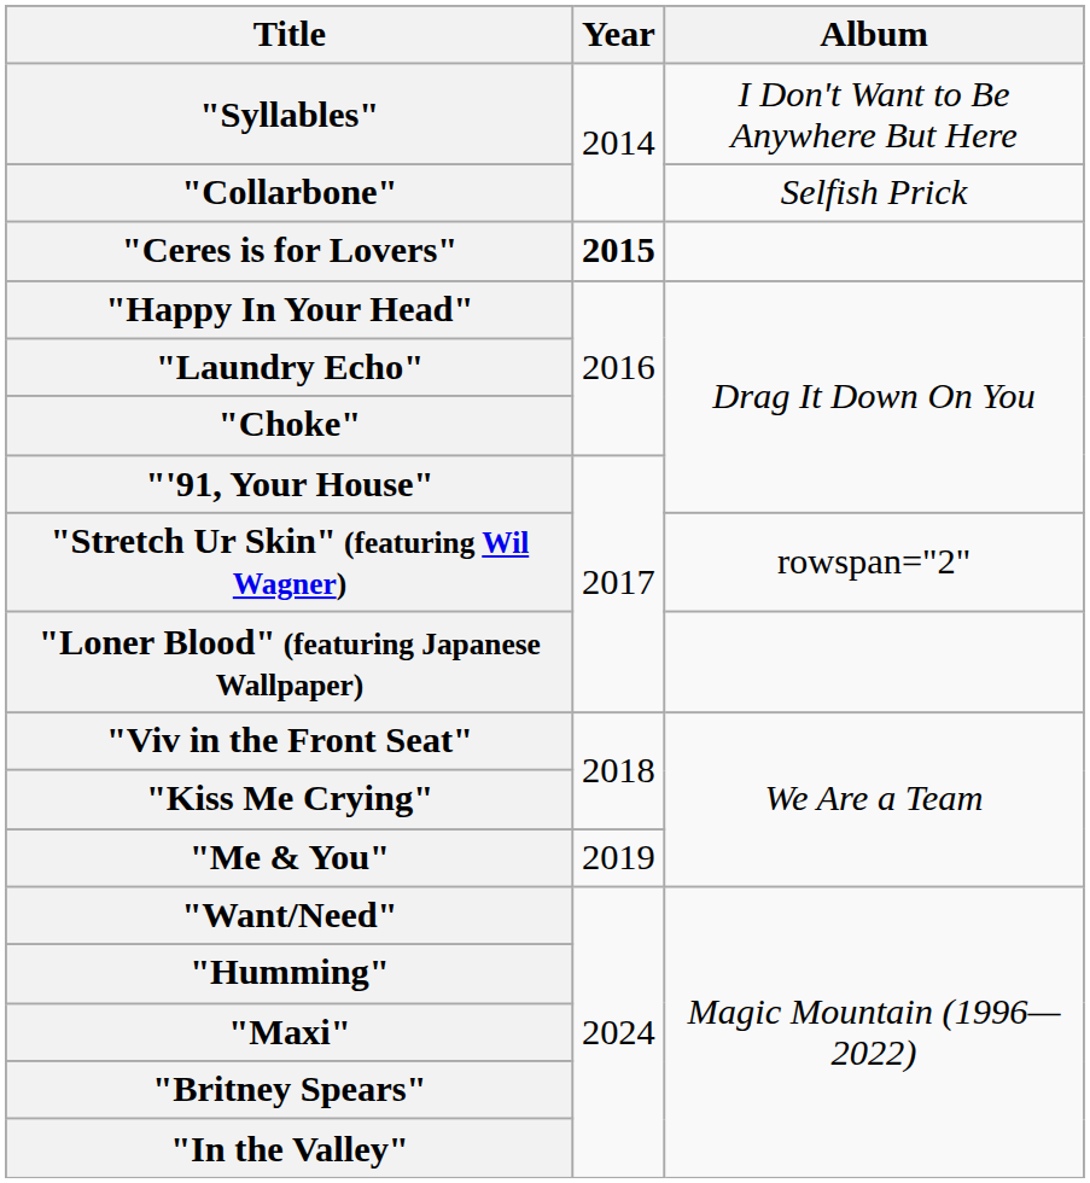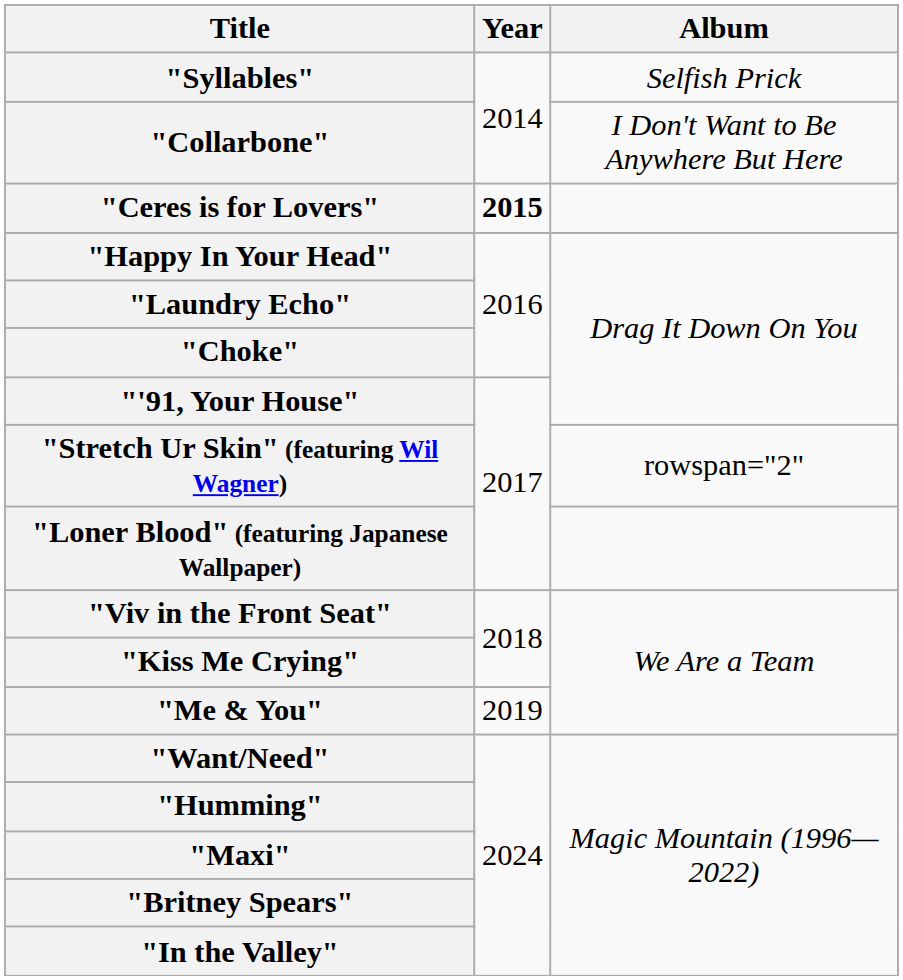 <table class="wikitable plainrowheaders" style="text-align:center;">
 <tr>
 <th scope="col" rowspan="1" style="width:15em;">Title</th>
 <th scope="col" rowspan="1" style="width:1em;">Year</th>
 <th scope="col" rowspan="1" style="width:11em;">Album</th>
 </tr>
 <tr>
 <th scope="row">"Syllables"</th>
 <td rowspan="2">2014</td>
-<td><em>I Don't Want to Be Anywhere But Here</em></td>
+<td><em>Selfish Prick</em></td>
 </tr>
 <tr>
 <th scope="row">"Collarbone"</th>
-<td><em>Selfish Prick</em></td>
+<td><em>I Don't Want to Be Anywhere But Here</em></td>
 </tr>
 <tr>
 <th scope="row">"Ceres is for Lovers"</th>
 <td><strong>2015</strong></td>
 <td></td>
 </tr>
 <tr>
 <th scope="row">"Happy In Your Head"</th>
 <td rowspan="3">2016</td>
 <td rowspan="4"><em>Drag It Down On You</em></td>
 </tr>
 <tr>
 <th scope="row">"Laundry Echo"</th>
 </tr>
 <tr>
 <th scope="row">"Choke"</th>
 </tr>
 <tr>
 <th scope="row">"'91, Your House"</th>
 <td rowspan="3">2017</td>
 </tr>
 <tr>
 <th scope="row">"Stretch Ur Skin"<small> (featuring <a href='#'>Wil Wagner</a>)</small></th>
 <td>rowspan="2" </td>
 </tr>
 <tr>
 <th scope="row">"Loner Blood"<small> (featuring Japanese Wallpaper)</small></th>
 </tr>
 <tr>
 <th scope="row">"Viv in the Front Seat"</th>
 <td rowspan="2">2018</td>
 <td rowspan="3"><em>We Are a Team</em></td>
 </tr>
 <tr>
 <th scope="row">"Kiss Me Crying"</th>
 </tr>
 <tr>
 <th scope="row">"Me & You"</th>
 <td>2019</td>
 </tr>
 <tr>
 <th scope="row">"Want/Need"</th>
 <td rowspan="5">2024</td>
 <td rowspan="5"><em>Magic Mountain (1996—2022)</em></td>
 </tr>
 <tr>
 <th scope="row">"Humming"</th>
 </tr>
 <tr>
 <th scope="row">"Maxi"</th>
 </tr>
 <tr>
 <th scope="row">"Britney Spears"</th>
 </tr>
 <tr>
 <th scope="row">"In the Valley"</th>
 </tr>
 </table>
